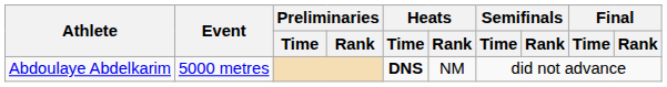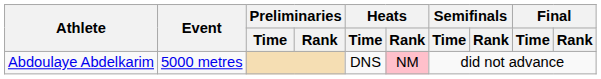 <table class=wikitable style="font-size:90%;">
 <tr>
 <th rowspan="2">Athlete</th>
 <th rowspan="2">Event</th>
 <th colspan="2">Preliminaries</th>
 <th colspan="2">Heats</th>
 <th colspan="2">Semifinals</th>
 <th colspan="2">Final</th>
 </tr>
 <tr>
 <th>Time</th>
 <th>Rank</th>
 <th>Time</th>
 <th>Rank</th>
 <th>Time</th>
 <th>Rank</th>
 <th>Time</th>
 <th>Rank</th>
 </tr>
 <tr style="border-top: single;">
 <td><a href='#'>Abdoulaye Abdelkarim</a></td>
 <td><a href='#'>5000 metres</a></td>
 <td colspan= 2 bgcolor="wheat"></td>
-<td align=center><strong>DNS</strong></td>
-<td align=center>NM</td>
+<td align=center>DNS</td>
+<td align=center style="background: pink;">NM</td>
 <td align=center colspan=4>did not advance</td>
 </tr>
 </table>
